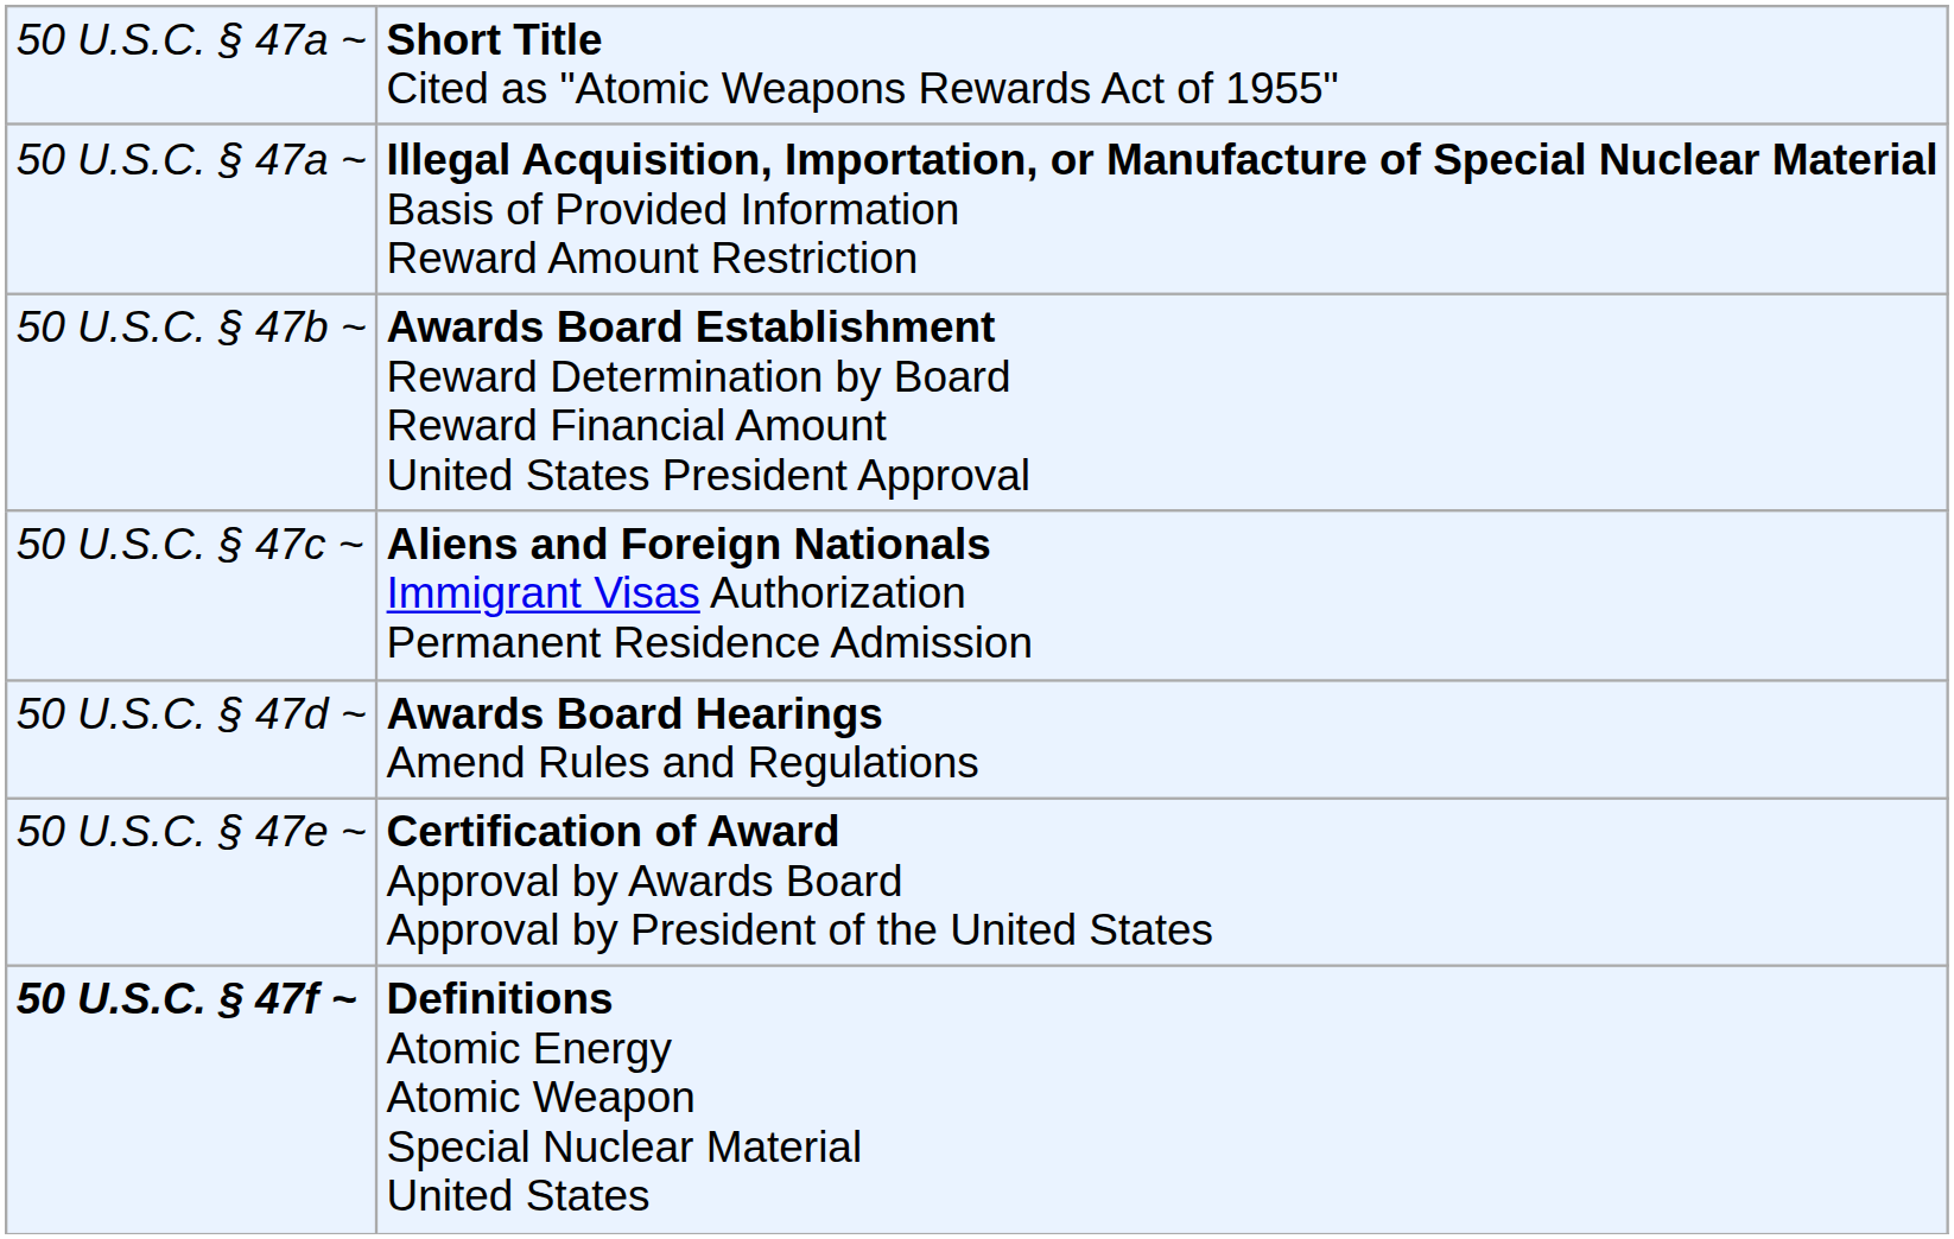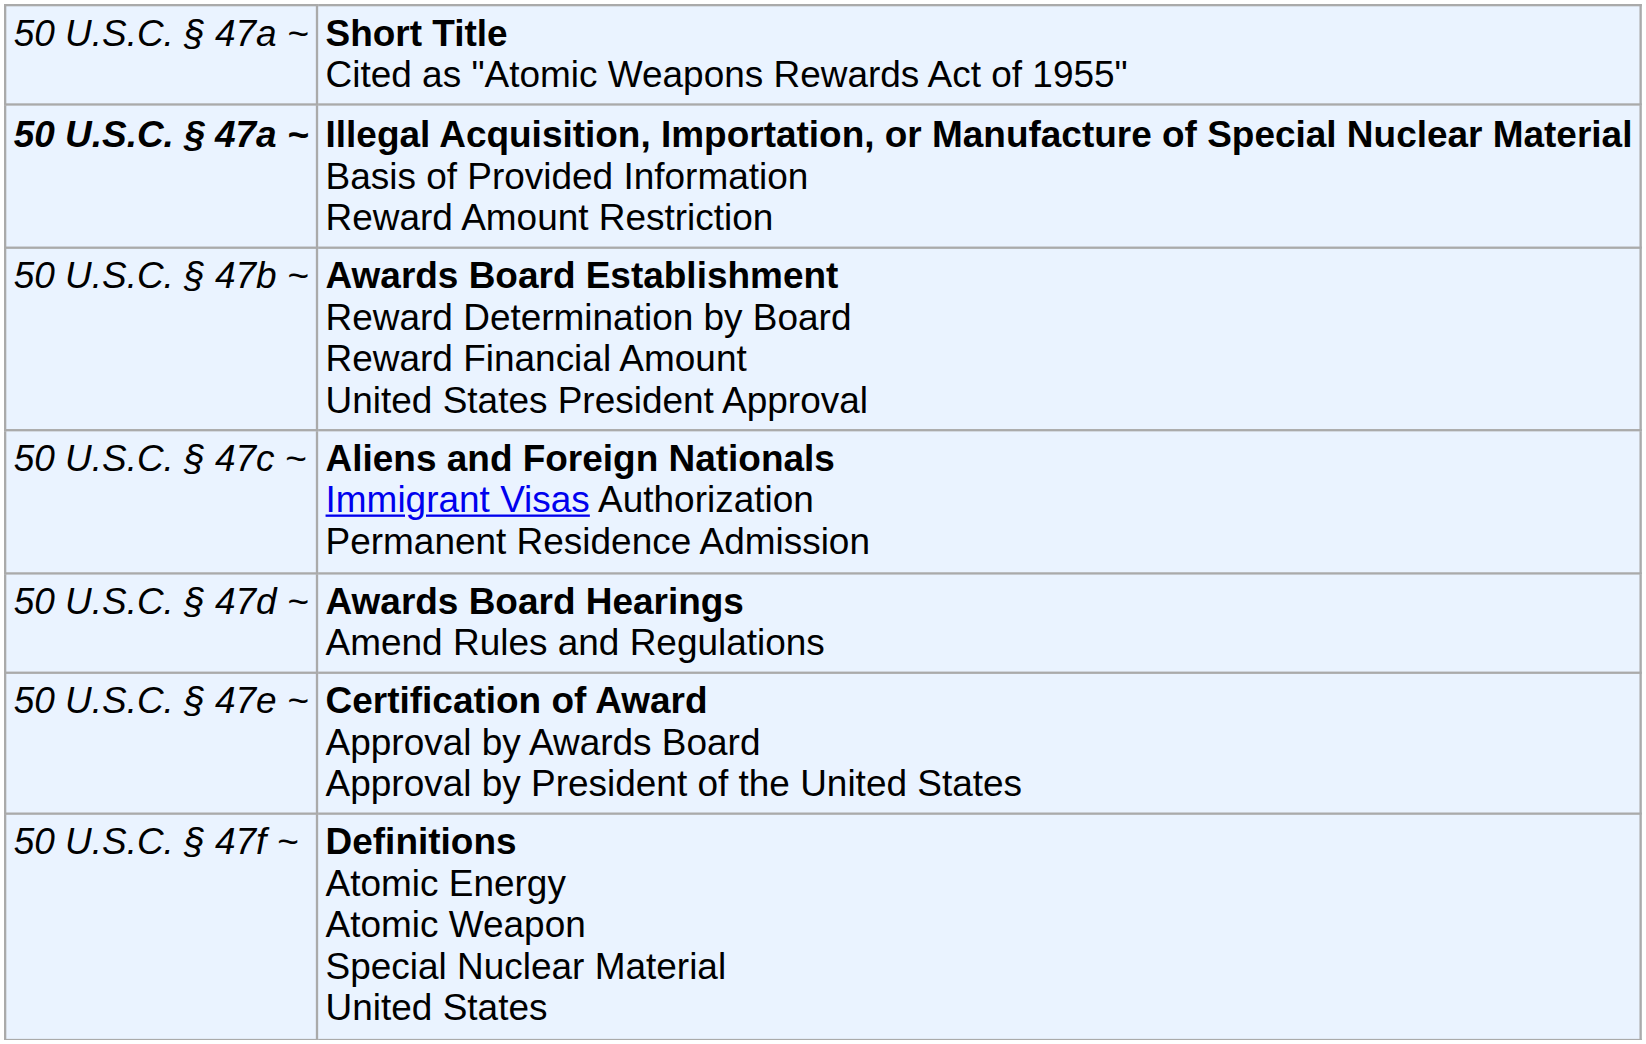 <table class="wikitable" style="background: #eaf3ff;">
 <tr>
 <td valign="top"><em>50 U.S.C. § 47a ~</em></td>
 <td><strong>Short Title</strong><br>Cited as "Atomic Weapons Rewards Act of 1955"</td>
 </tr>
 <tr>
-<td valign="top"><em>50 U.S.C. § 47a ~</em></td>
+<td valign="top"><strong><em>50 U.S.C. § 47a ~</em></strong></td>
 <td><strong>Illegal Acquisition, Importation, or Manufacture of Special Nuclear Material</strong><br>Basis of Provided Information<br>Reward Amount Restriction</td>
 </tr>
 <tr>
 <td valign="top"><em>50 U.S.C. § 47b ~</em></td>
 <td><strong>Awards Board Establishment</strong><br>Reward Determination by Board<br>Reward Financial Amount<br>United States President Approval</td>
 </tr>
 <tr>
 <td valign="top"><em>50 U.S.C. § 47c ~</em></td>
 <td><strong>Aliens and Foreign Nationals</strong><br><a href='#'>Immigrant Visas</a> Authorization<br>Permanent Residence Admission</td>
 </tr>
 <tr>
 <td valign="top"><em>50 U.S.C. § 47d ~</em></td>
 <td><strong>Awards Board Hearings</strong><br>Amend Rules and Regulations</td>
 </tr>
 <tr>
 <td valign="top"><em>50 U.S.C. § 47e ~</em></td>
 <td><strong>Certification of Award</strong><br>Approval by Awards Board<br>Approval by President of the United States</td>
 </tr>
 <tr>
-<td valign="top"><strong><em>50 U.S.C. § 47f ~</em></strong></td>
+<td valign="top"><em>50 U.S.C. § 47f ~</em></td>
 <td><strong>Definitions</strong><br>Atomic Energy<br>Atomic Weapon<br>Special Nuclear Material<br>United States</td>
 </tr>
 </table>
